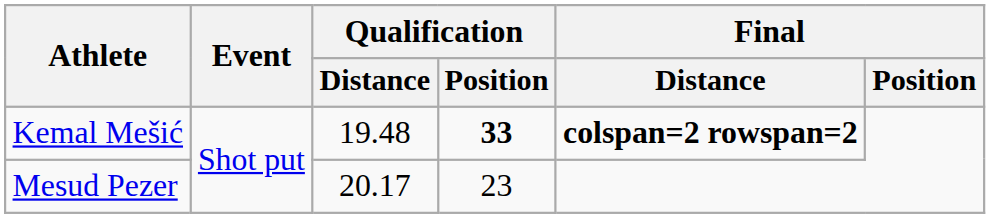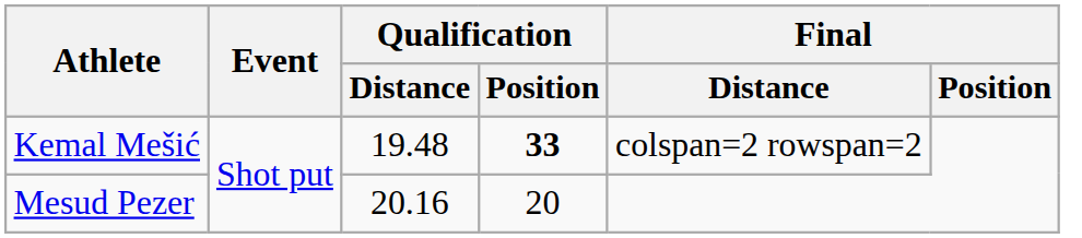 <table class=wikitable style=font-size:90%>
 <tr>
 <th rowspan=2>Athlete</th>
 <th rowspan=2>Event</th>
 <th colspan=2>Qualification</th>
 <th colspan=2>Final</th>
 </tr>
 <tr style=font-size:95%>
 <th>Distance</th>
 <th>Position</th>
 <th>Distance</th>
 <th>Position</th>
 </tr>
 <tr align=center>
 <td align=left><a href='#'>Kemal Mešić</a></td>
 <td align=left rowspan=2><a href='#'>Shot put</a></td>
 <td>19.48</td>
 <td><strong>33</strong></td>
-<td><strong>colspan=2 rowspan=2 </strong></td>
+<td>colspan=2 rowspan=2 </td>
 </tr>
 <tr align=center>
 <td align=left><a href='#'>Mesud Pezer</a></td>
-<td>20.17</td>
-<td>23</td>
+<td>20.16</td>
+<td>20</td>
 </tr>
 </table>
